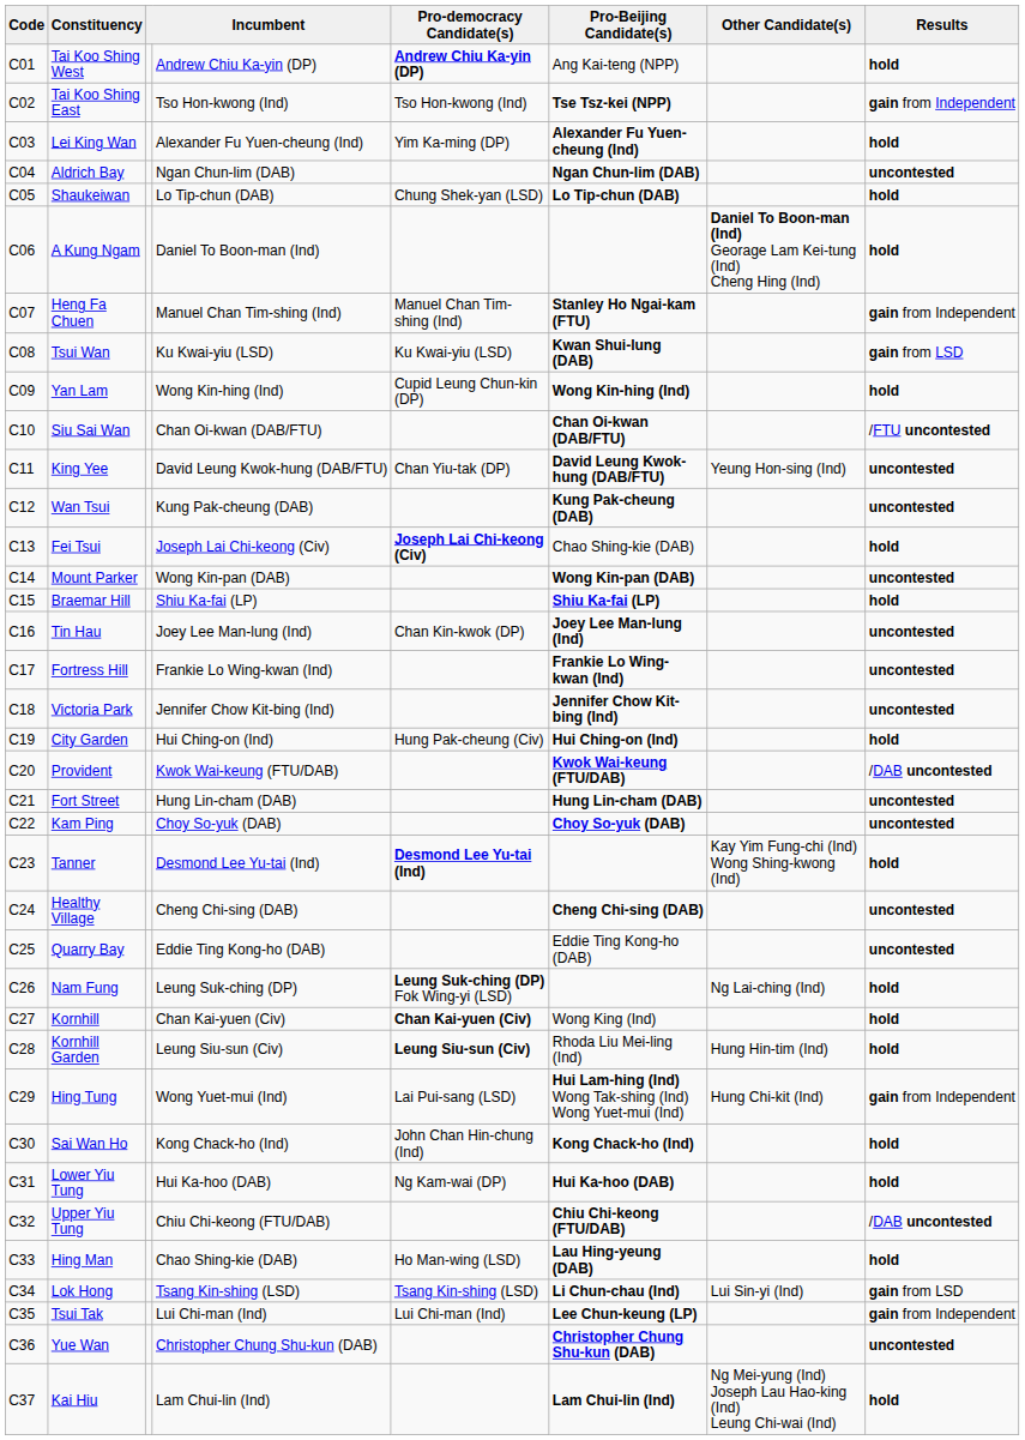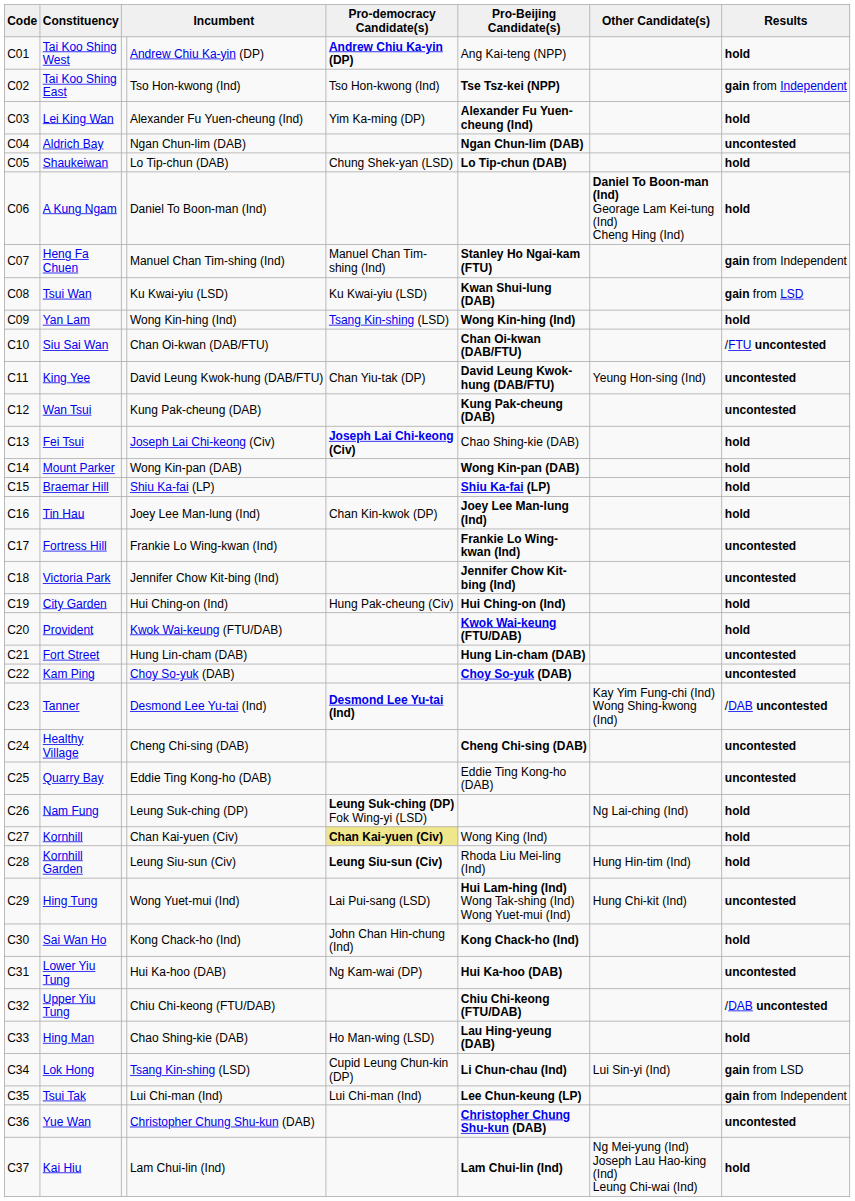 <table class="wikitable" style="font-size: 95%;">
 <tr>
 <th align="center" style="background:#f0f0f0;" width="20px">Code</th>
 <th align="center" style="background:#f0f0f0;" width="90px">Constituency</th>
 <th align="center" style="background:#f0f0f0;" width="120px" colspan=2>Incumbent</th>
 <th align="center" style="background:#f0f0f0;" width="160px">Pro-democracy Candidate(s)</th>
 <th align="center" style="background:#f0f0f0;" width="160px">Pro-Beijing Candidate(s)</th>
 <th align="center" style="background:#f0f0f0;" width="160px">Other Candidate(s)</th>
 <th align="center" style="background:#f0f0f0;" width="100px" colspan="2">Results</th>
 </tr>
 <tr>
 <td>C01</td>
 <td><a href='#'>Tai Koo Shing West</a></td>
 <td></td>
 <td><a href='#'>Andrew Chiu Ka-yin</a> (DP)</td>
 <td><strong><a href='#'>Andrew Chiu Ka-yin</a> (DP)</strong></td>
 <td>Ang Kai-teng (NPP)</td>
 <td></td>
 <td> <strong>hold</strong></td>
 </tr>
 <tr>
 <td>C02</td>
 <td><a href='#'>Tai Koo Shing East</a></td>
 <td></td>
 <td>Tso Hon-kwong (Ind)</td>
 <td>Tso Hon-kwong (Ind)</td>
 <td><strong>Tse Tsz-kei (NPP)</strong></td>
 <td></td>
 <td> <strong>gain</strong> from <a href='#'>Independent</a></td>
 </tr>
 <tr>
 <td>C03</td>
 <td><a href='#'>Lei King Wan</a></td>
 <td></td>
 <td>Alexander Fu Yuen-cheung (Ind)</td>
 <td>Yim Ka-ming (DP)</td>
 <td><strong>Alexander Fu Yuen-cheung (Ind)</strong></td>
 <td></td>
 <td> <strong>hold</strong></td>
 </tr>
 <tr>
 <td>C04</td>
 <td><a href='#'>Aldrich Bay</a></td>
 <td></td>
 <td>Ngan Chun-lim (DAB)</td>
 <td></td>
 <td><strong>Ngan Chun-lim (DAB)</strong></td>
 <td></td>
 <td> <strong>uncontested</strong></td>
 </tr>
 <tr>
 <td>C05</td>
 <td><a href='#'>Shaukeiwan</a></td>
 <td></td>
 <td>Lo Tip-chun (DAB)</td>
 <td>Chung Shek-yan (LSD)</td>
 <td><strong>Lo Tip-chun (DAB)</strong></td>
 <td></td>
 <td> <strong>hold</strong></td>
 </tr>
 <tr>
 <td>C06</td>
 <td><a href='#'>A Kung Ngam</a></td>
 <td></td>
 <td>Daniel To Boon-man (Ind)</td>
 <td></td>
 <td></td>
 <td><strong>Daniel To Boon-man (Ind)</strong><br>Georage Lam Kei-tung (Ind)<br>Cheng Hing (Ind)</td>
 <td> <strong>hold</strong></td>
 </tr>
 <tr>
 <td>C07</td>
 <td><a href='#'>Heng Fa Chuen</a></td>
 <td></td>
 <td>Manuel Chan Tim-shing (Ind)</td>
 <td>Manuel Chan Tim-shing (Ind)</td>
 <td><strong>Stanley Ho Ngai-kam (FTU)</strong></td>
 <td></td>
 <td> <strong>gain</strong> from Independent</td>
 </tr>
 <tr>
 <td>C08</td>
 <td><a href='#'>Tsui Wan</a></td>
 <td></td>
 <td>Ku Kwai-yiu (LSD)</td>
 <td>Ku Kwai-yiu (LSD)</td>
 <td><strong>Kwan Shui-lung (DAB)</strong></td>
 <td></td>
 <td> <strong>gain</strong> from <a href='#'>LSD</a></td>
 </tr>
 <tr>
 <td>C09</td>
 <td><a href='#'>Yan Lam</a></td>
 <td></td>
 <td>Wong Kin-hing (Ind)</td>
-<td>Cupid Leung Chun-kin (DP)</td>
+<td><a href='#'>Tsang Kin-shing</a> (LSD)</td>
 <td><strong>Wong Kin-hing (Ind)</strong></td>
 <td></td>
 <td> <strong>hold</strong></td>
 </tr>
 <tr>
 <td>C10</td>
 <td><a href='#'>Siu Sai Wan</a></td>
 <td></td>
 <td>Chan Oi-kwan (DAB/FTU)</td>
 <td></td>
 <td><strong>Chan Oi-kwan (DAB/FTU)</strong></td>
 <td></td>
 <td>/<a href='#'>FTU</a> <strong>uncontested</strong></td>
 </tr>
 <tr>
 <td>C11</td>
 <td><a href='#'>King Yee</a></td>
 <td></td>
 <td>David Leung Kwok-hung (DAB/FTU)</td>
 <td>Chan Yiu-tak (DP)</td>
 <td><strong>David Leung Kwok-hung (DAB/FTU)</strong></td>
 <td>Yeung Hon-sing (Ind)</td>
 <td> <strong>uncontested</strong></td>
 </tr>
 <tr>
 <td>C12</td>
 <td><a href='#'>Wan Tsui</a></td>
 <td></td>
 <td>Kung Pak-cheung (DAB)</td>
 <td></td>
 <td><strong>Kung Pak-cheung (DAB)</strong></td>
 <td></td>
 <td> <strong>uncontested</strong></td>
 </tr>
 <tr>
 <td>C13</td>
 <td><a href='#'>Fei Tsui</a></td>
 <td></td>
 <td><a href='#'>Joseph Lai Chi-keong</a> (Civ)</td>
 <td><strong><a href='#'>Joseph Lai Chi-keong</a> (Civ)</strong></td>
 <td>Chao Shing-kie (DAB)</td>
 <td></td>
 <td> <strong>hold</strong></td>
 </tr>
 <tr>
 <td>C14</td>
 <td><a href='#'>Mount Parker</a></td>
 <td></td>
 <td>Wong Kin-pan (DAB)</td>
 <td></td>
 <td><strong>Wong Kin-pan (DAB)</strong></td>
 <td></td>
-<td> <strong>uncontested</strong></td>
+<td> <strong>hold</strong></td>
 </tr>
 <tr>
 <td>C15</td>
 <td><a href='#'>Braemar Hill</a></td>
 <td></td>
 <td><a href='#'>Shiu Ka-fai</a> (LP)</td>
 <td></td>
 <td><strong><a href='#'>Shiu Ka-fai</a> (LP)</strong></td>
 <td></td>
 <td> <strong>hold</strong></td>
 </tr>
 <tr>
 <td>C16</td>
 <td><a href='#'>Tin Hau</a></td>
 <td></td>
 <td>Joey Lee Man-lung (Ind)</td>
 <td>Chan Kin-kwok (DP)</td>
 <td><strong>Joey Lee Man-lung (Ind)</strong></td>
 <td></td>
-<td> <strong>uncontested</strong></td>
+<td> <strong>hold</strong></td>
 </tr>
 <tr>
 <td>C17</td>
 <td><a href='#'>Fortress Hill</a></td>
 <td></td>
 <td>Frankie Lo Wing-kwan (Ind)</td>
 <td></td>
 <td><strong>Frankie Lo Wing-kwan (Ind)</strong></td>
 <td></td>
 <td> <strong>uncontested</strong></td>
 </tr>
 <tr>
 <td>C18</td>
 <td><a href='#'>Victoria Park</a></td>
 <td></td>
 <td>Jennifer Chow Kit-bing (Ind)</td>
 <td></td>
 <td><strong>Jennifer Chow Kit-bing (Ind)</strong></td>
 <td></td>
 <td> <strong>uncontested</strong></td>
 </tr>
 <tr>
 <td>C19</td>
 <td><a href='#'>City Garden</a></td>
 <td></td>
 <td>Hui Ching-on (Ind)</td>
 <td>Hung Pak-cheung (Civ)</td>
 <td><strong>Hui Ching-on (Ind)</strong></td>
 <td></td>
 <td> <strong>hold</strong></td>
 </tr>
 <tr>
 <td>C20</td>
 <td><a href='#'>Provident</a></td>
 <td></td>
 <td><a href='#'>Kwok Wai-keung</a> (FTU/DAB)</td>
 <td></td>
 <td><strong><a href='#'>Kwok Wai-keung</a> (FTU/DAB)</strong></td>
 <td></td>
-<td>/<a href='#'>DAB</a> <strong>uncontested</strong></td>
+<td> <strong>hold</strong></td>
 </tr>
 <tr>
 <td>C21</td>
 <td><a href='#'>Fort Street</a></td>
 <td></td>
 <td>Hung Lin-cham (DAB)</td>
 <td></td>
 <td><strong>Hung Lin-cham (DAB)</strong></td>
 <td></td>
 <td> <strong>uncontested</strong></td>
 </tr>
 <tr>
 <td>C22</td>
 <td><a href='#'>Kam Ping</a></td>
 <td></td>
 <td><a href='#'>Choy So-yuk</a> (DAB)</td>
 <td></td>
 <td><strong><a href='#'>Choy So-yuk</a> (DAB)</strong></td>
 <td></td>
 <td> <strong>uncontested</strong></td>
 </tr>
 <tr>
 <td>C23</td>
 <td><a href='#'>Tanner</a></td>
 <td></td>
 <td><a href='#'>Desmond Lee Yu-tai</a> (Ind)</td>
 <td><strong><a href='#'>Desmond Lee Yu-tai</a> (Ind)</strong></td>
 <td></td>
 <td>Kay Yim Fung-chi (Ind)<br>Wong Shing-kwong (Ind)</td>
-<td> <strong>hold</strong></td>
+<td>/<a href='#'>DAB</a> <strong>uncontested</strong></td>
 </tr>
 <tr>
 <td>C24</td>
 <td><a href='#'>Healthy Village</a></td>
 <td></td>
 <td>Cheng Chi-sing (DAB)</td>
 <td></td>
 <td><strong> Cheng Chi-sing (DAB)</strong></td>
 <td></td>
 <td> <strong>uncontested</strong></td>
 </tr>
 <tr>
 <td>C25</td>
 <td><a href='#'>Quarry Bay</a></td>
 <td></td>
 <td>Eddie Ting Kong-ho (DAB)</td>
 <td></td>
 <td>Eddie Ting Kong-ho (DAB)</td>
 <td></td>
 <td> <strong>uncontested</strong></td>
 </tr>
 <tr>
 <td>C26</td>
 <td><a href='#'>Nam Fung</a></td>
 <td></td>
 <td>Leung Suk-ching (DP)</td>
 <td><strong>Leung Suk-ching (DP)</strong><br>Fok Wing-yi (LSD)</td>
 <td></td>
 <td>Ng Lai-ching (Ind)</td>
 <td> <strong>hold</strong></td>
 </tr>
 <tr>
 <td>C27</td>
 <td><a href='#'>Kornhill</a></td>
 <td></td>
 <td>Chan Kai-yuen (Civ)</td>
-<td><strong>Chan Kai-yuen (Civ)</strong></td>
+<td style="background: khaki;"><strong>Chan Kai-yuen (Civ)</strong></td>
 <td>Wong King (Ind)</td>
 <td></td>
 <td> <strong>hold</strong></td>
 </tr>
 <tr>
 <td>C28</td>
 <td><a href='#'>Kornhill Garden</a></td>
 <td></td>
 <td>Leung Siu-sun (Civ)</td>
 <td><strong>Leung Siu-sun (Civ)</strong></td>
 <td>Rhoda Liu Mei-ling (Ind)</td>
 <td>Hung Hin-tim (Ind)</td>
 <td> <strong>hold</strong></td>
 </tr>
 <tr>
 <td>C29</td>
 <td><a href='#'>Hing Tung</a></td>
 <td></td>
 <td>Wong Yuet-mui (Ind)</td>
 <td>Lai Pui-sang (LSD)</td>
 <td><strong>Hui Lam-hing (Ind)</strong><br>Wong Tak-shing (Ind)<br>Wong Yuet-mui (Ind)</td>
 <td>Hung Chi-kit (Ind)</td>
-<td> <strong>gain</strong> from Independent</td>
+<td> <strong>uncontested</strong></td>
 </tr>
 <tr>
 <td>C30</td>
 <td><a href='#'>Sai Wan Ho</a></td>
 <td></td>
 <td>Kong Chack-ho (Ind)</td>
 <td>John Chan Hin-chung (Ind)</td>
 <td><strong>Kong Chack-ho (Ind)</strong></td>
 <td></td>
 <td> <strong>hold</strong></td>
 </tr>
 <tr>
 <td>C31</td>
 <td><a href='#'>Lower Yiu Tung</a></td>
 <td></td>
 <td>Hui Ka-hoo (DAB)</td>
 <td>Ng Kam-wai (DP)</td>
 <td><strong>Hui Ka-hoo (DAB)</strong></td>
 <td></td>
-<td> <strong>hold</strong></td>
+<td> <strong>uncontested</strong></td>
 </tr>
 <tr>
 <td>C32</td>
 <td><a href='#'>Upper Yiu Tung</a></td>
 <td></td>
 <td>Chiu Chi-keong (FTU/DAB)</td>
 <td></td>
 <td><strong>Chiu Chi-keong (FTU/DAB)</strong></td>
 <td></td>
 <td>/<a href='#'>DAB</a> <strong>uncontested</strong></td>
 </tr>
 <tr>
 <td>C33</td>
 <td><a href='#'>Hing Man</a></td>
 <td></td>
 <td>Chao Shing-kie (DAB)</td>
 <td>Ho Man-wing (LSD)</td>
 <td><strong>Lau Hing-yeung (DAB)</strong></td>
 <td></td>
 <td> <strong>hold</strong></td>
 </tr>
 <tr>
 <td>C34</td>
 <td><a href='#'>Lok Hong</a></td>
 <td></td>
 <td><a href='#'>Tsang Kin-shing</a> (LSD)</td>
-<td><a href='#'>Tsang Kin-shing</a> (LSD)</td>
+<td>Cupid Leung Chun-kin (DP)</td>
 <td><strong>Li Chun-chau (Ind)</strong></td>
 <td>Lui Sin-yi (Ind)</td>
 <td> <strong>gain</strong> from LSD</td>
 </tr>
 <tr>
 <td>C35</td>
 <td><a href='#'>Tsui Tak</a></td>
 <td></td>
 <td>Lui Chi-man (Ind)</td>
 <td>Lui Chi-man (Ind)</td>
 <td><strong>Lee Chun-keung (LP)</strong></td>
 <td></td>
 <td> <strong>gain</strong> from Independent</td>
 </tr>
 <tr>
 <td>C36</td>
 <td><a href='#'>Yue Wan</a></td>
 <td></td>
 <td><a href='#'>Christopher Chung Shu-kun</a> (DAB)</td>
 <td></td>
 <td><strong><a href='#'>Christopher Chung Shu-kun</a> (DAB)</strong></td>
 <td></td>
 <td> <strong>uncontested</strong></td>
 </tr>
 <tr>
 <td>C37</td>
 <td><a href='#'>Kai Hiu</a></td>
 <td></td>
 <td>Lam Chui-lin (Ind)</td>
 <td></td>
 <td><strong>Lam Chui-lin (Ind)</strong></td>
 <td>Ng Mei-yung (Ind)<br>Joseph Lau Hao-king (Ind)<br>Leung Chi-wai (Ind)</td>
 <td> <strong>hold</strong></td>
 </tr>
 </table>
